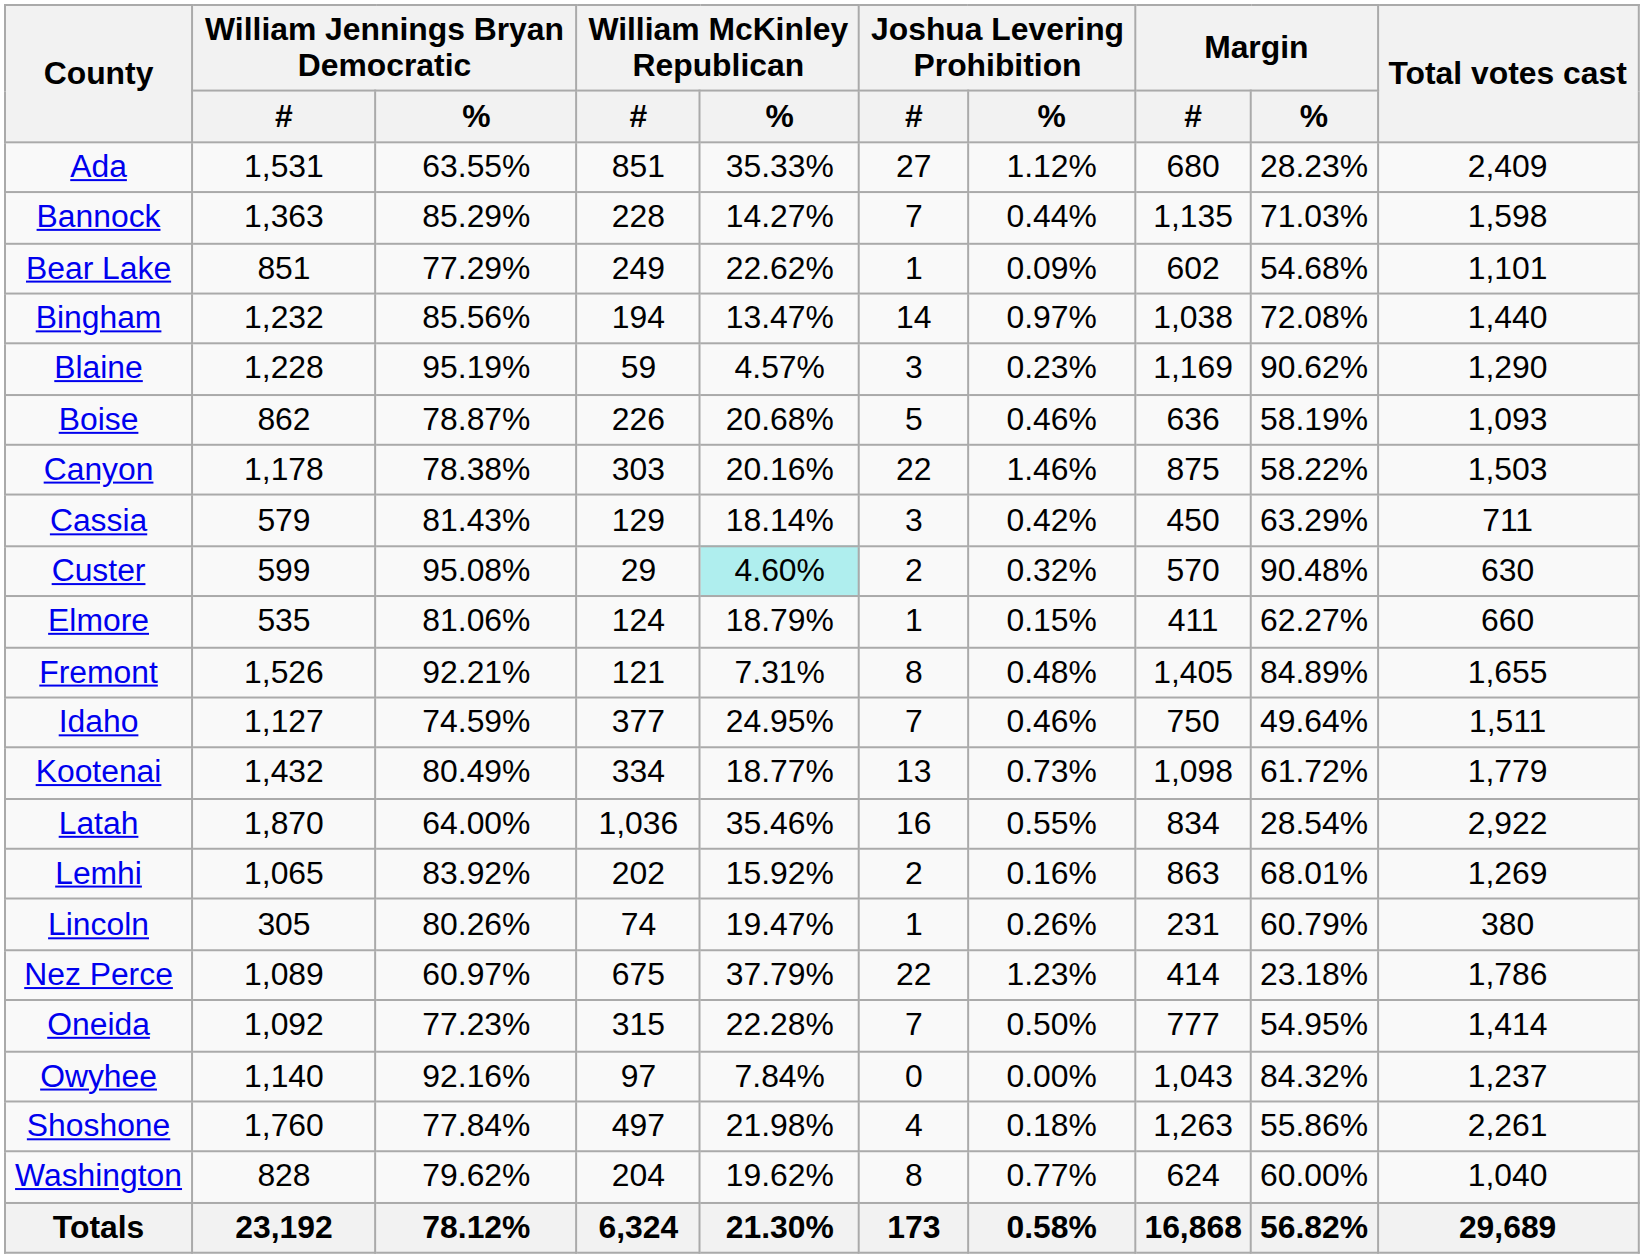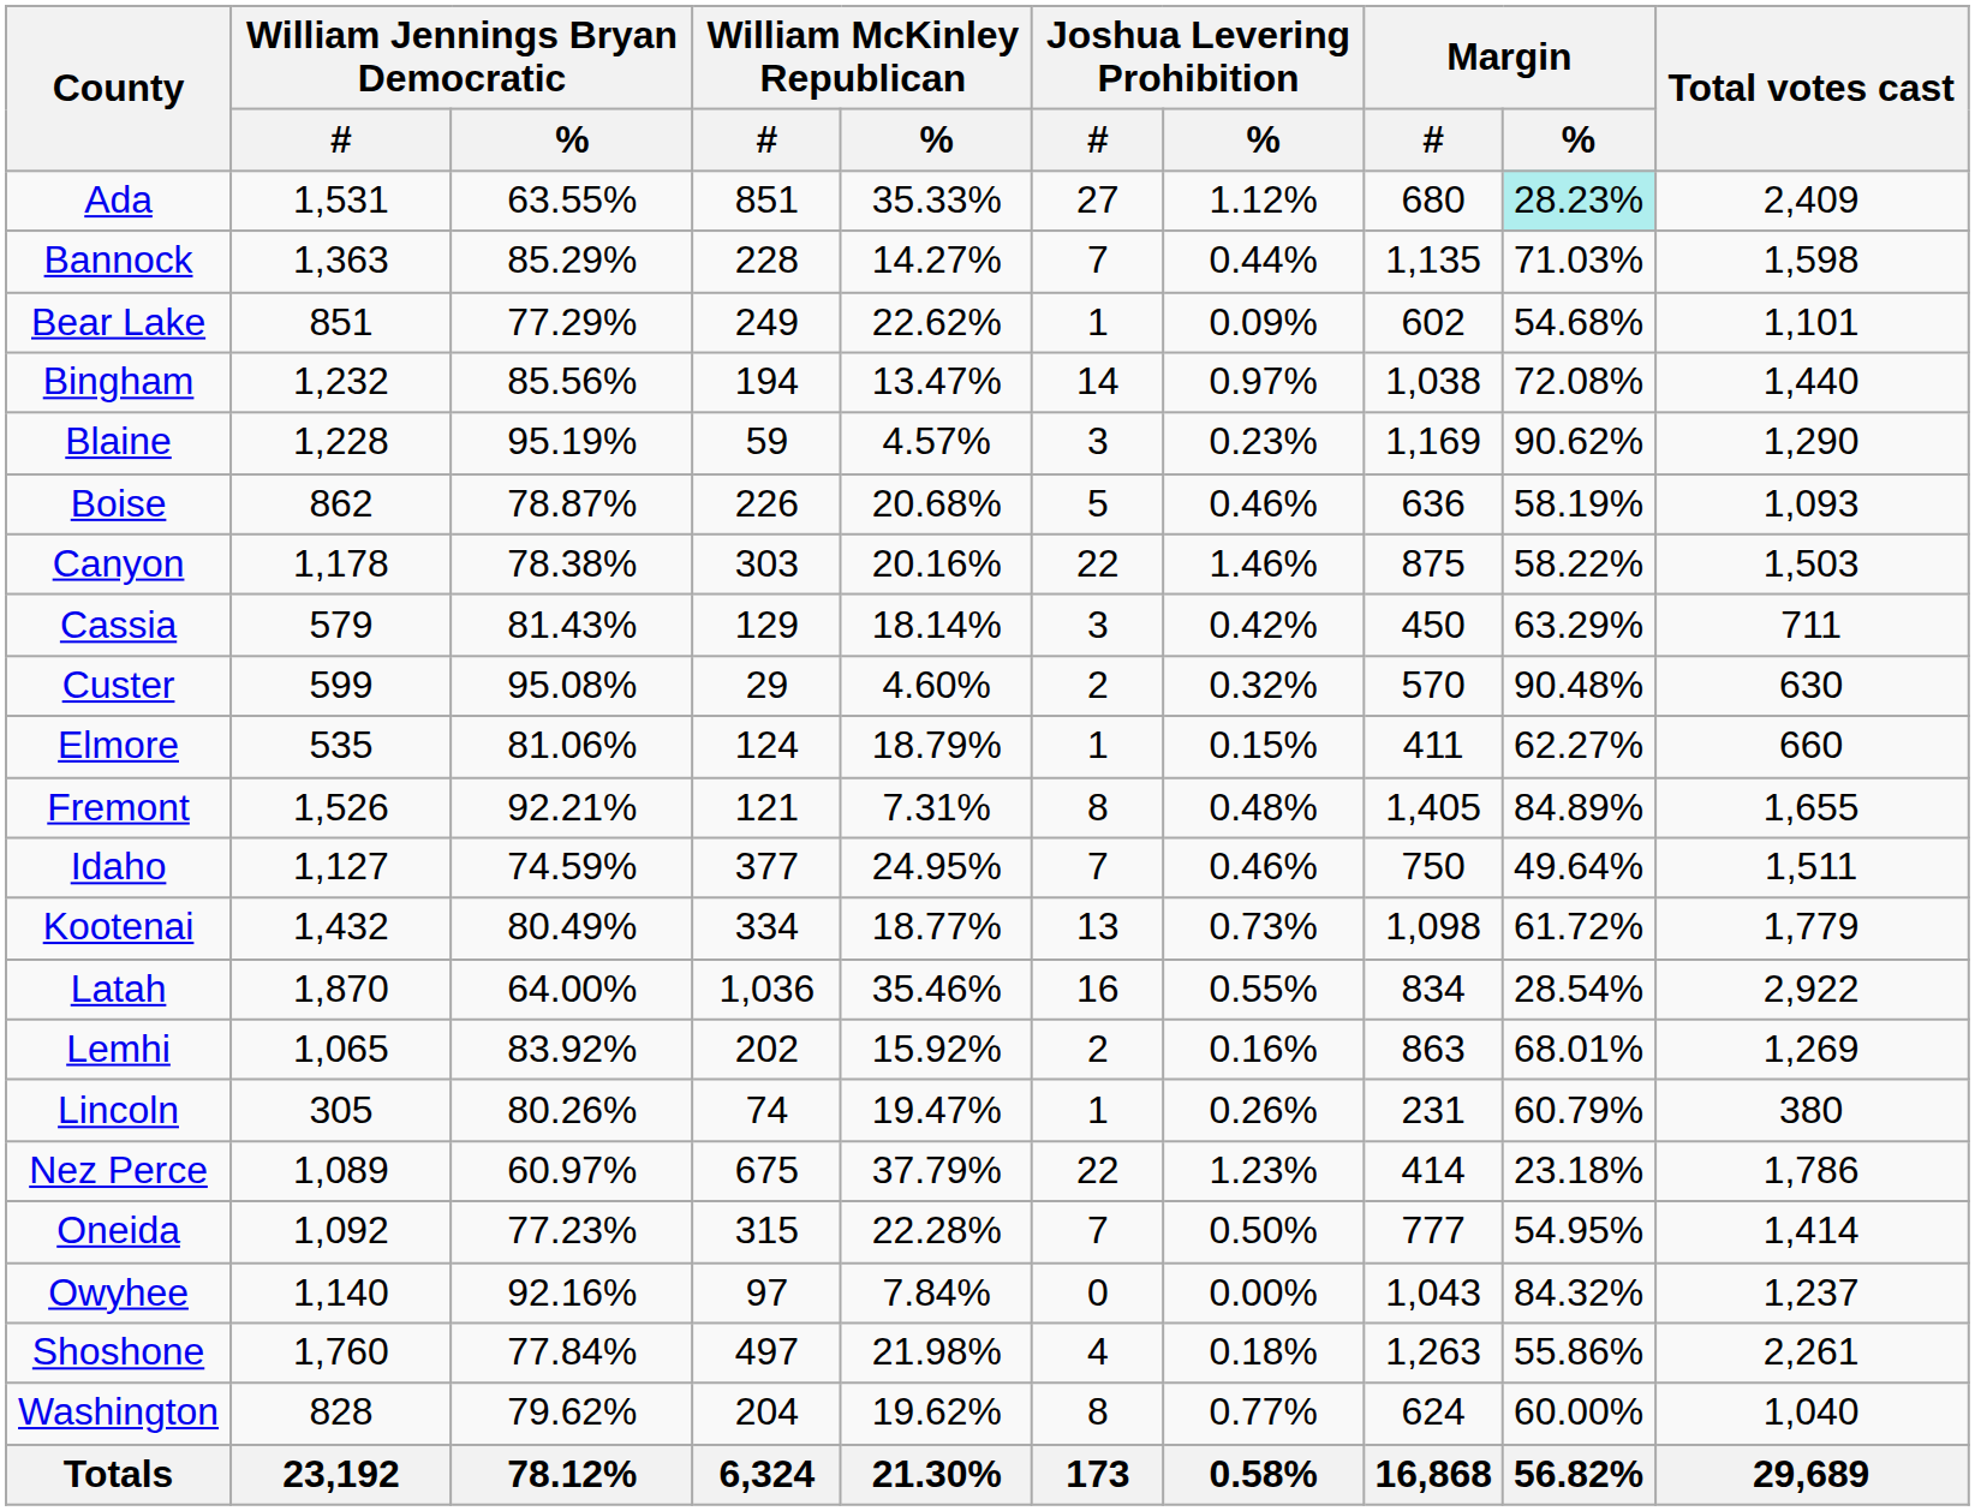 <table width="65%"  class="wikitable sortable" style="text-align:center">
 <tr>
 <th style="text-align:center;" rowspan="2">County</th>
 <th style="text-align:center;" colspan="2">William Jennings Bryan<br>Democratic</th>
 <th style="text-align:center;" colspan="2">William McKinley<br>Republican</th>
 <th style="text-align:center;" colspan="2">Joshua Levering<br>Prohibition</th>
 <th style="text-align:center;" colspan="2">Margin</th>
 <th style="text-align:center;" rowspan="2">Total votes cast</th>
 </tr>
 <tr>
 <th style="text-align:center;" data-sort-type="number">#</th>
 <th style="text-align:center;" data-sort-type="number">%</th>
 <th style="text-align:center;" data-sort-type="number">#</th>
 <th style="text-align:center;" data-sort-type="number">%</th>
 <th style="text-align:center;" data-sort-type="number">#</th>
 <th style="text-align:center;" data-sort-type="number">%</th>
 <th style="text-align:center;" data-sort-type="number">#</th>
 <th style="text-align:center;" data-sort-type="number">%</th>
 </tr>
 <tr style="text-align:center;">
 <td><a href='#'>Ada</a></td>
 <td>1,531</td>
 <td>63.55%</td>
 <td>851</td>
 <td>35.33%</td>
 <td>27</td>
 <td>1.12%</td>
 <td>680</td>
-<td>28.23%</td>
+<td style="background: paleturquoise;">28.23%</td>
 <td>2,409</td>
 </tr>
 <tr style="text-align:center;">
 <td><a href='#'>Bannock</a></td>
 <td>1,363</td>
 <td>85.29%</td>
 <td>228</td>
 <td>14.27%</td>
 <td>7</td>
 <td>0.44%</td>
 <td>1,135</td>
 <td>71.03%</td>
 <td>1,598</td>
 </tr>
 <tr style="text-align:center;">
 <td><a href='#'>Bear Lake</a></td>
 <td>851</td>
 <td>77.29%</td>
 <td>249</td>
 <td>22.62%</td>
 <td>1</td>
 <td>0.09%</td>
 <td>602</td>
 <td>54.68%</td>
 <td>1,101</td>
 </tr>
 <tr style="text-align:center;">
 <td><a href='#'>Bingham</a></td>
 <td>1,232</td>
 <td>85.56%</td>
 <td>194</td>
 <td>13.47%</td>
 <td>14</td>
 <td>0.97%</td>
 <td>1,038</td>
 <td>72.08%</td>
 <td>1,440</td>
 </tr>
 <tr style="text-align:center;">
 <td><a href='#'>Blaine</a></td>
 <td>1,228</td>
 <td>95.19%</td>
 <td>59</td>
 <td>4.57%</td>
 <td>3</td>
 <td>0.23%</td>
 <td>1,169</td>
 <td>90.62%</td>
 <td>1,290</td>
 </tr>
 <tr style="text-align:center;">
 <td><a href='#'>Boise</a></td>
 <td>862</td>
 <td>78.87%</td>
 <td>226</td>
 <td>20.68%</td>
 <td>5</td>
 <td>0.46%</td>
 <td>636</td>
 <td>58.19%</td>
 <td>1,093</td>
 </tr>
 <tr style="text-align:center;">
 <td><a href='#'>Canyon</a></td>
 <td>1,178</td>
 <td>78.38%</td>
 <td>303</td>
 <td>20.16%</td>
 <td>22</td>
 <td>1.46%</td>
 <td>875</td>
 <td>58.22%</td>
 <td>1,503</td>
 </tr>
 <tr style="text-align:center;">
 <td><a href='#'>Cassia</a></td>
 <td>579</td>
 <td>81.43%</td>
 <td>129</td>
 <td>18.14%</td>
 <td>3</td>
 <td>0.42%</td>
 <td>450</td>
 <td>63.29%</td>
 <td>711</td>
 </tr>
 <tr style="text-align:center;">
 <td><a href='#'>Custer</a></td>
 <td>599</td>
 <td>95.08%</td>
 <td>29</td>
-<td style="background: paleturquoise;">4.60%</td>
+<td>4.60%</td>
 <td>2</td>
 <td>0.32%</td>
 <td>570</td>
 <td>90.48%</td>
 <td>630</td>
 </tr>
 <tr style="text-align:center;">
 <td><a href='#'>Elmore</a></td>
 <td>535</td>
 <td>81.06%</td>
 <td>124</td>
 <td>18.79%</td>
 <td>1</td>
 <td>0.15%</td>
 <td>411</td>
 <td>62.27%</td>
 <td>660</td>
 </tr>
 <tr style="text-align:center;">
 <td><a href='#'>Fremont</a></td>
 <td>1,526</td>
 <td>92.21%</td>
 <td>121</td>
 <td>7.31%</td>
 <td>8</td>
 <td>0.48%</td>
 <td>1,405</td>
 <td>84.89%</td>
 <td>1,655</td>
 </tr>
 <tr style="text-align:center;">
 <td><a href='#'>Idaho</a></td>
 <td>1,127</td>
 <td>74.59%</td>
 <td>377</td>
 <td>24.95%</td>
 <td>7</td>
 <td>0.46%</td>
 <td>750</td>
 <td>49.64%</td>
 <td>1,511</td>
 </tr>
 <tr style="text-align:center;">
 <td><a href='#'>Kootenai</a></td>
 <td>1,432</td>
 <td>80.49%</td>
 <td>334</td>
 <td>18.77%</td>
 <td>13</td>
 <td>0.73%</td>
 <td>1,098</td>
 <td>61.72%</td>
 <td>1,779</td>
 </tr>
 <tr style="text-align:center;">
 <td><a href='#'>Latah</a></td>
 <td>1,870</td>
 <td>64.00%</td>
 <td>1,036</td>
 <td>35.46%</td>
 <td>16</td>
 <td>0.55%</td>
 <td>834</td>
 <td>28.54%</td>
 <td>2,922</td>
 </tr>
 <tr style="text-align:center;">
 <td><a href='#'>Lemhi</a></td>
 <td>1,065</td>
 <td>83.92%</td>
 <td>202</td>
 <td>15.92%</td>
 <td>2</td>
 <td>0.16%</td>
 <td>863</td>
 <td>68.01%</td>
 <td>1,269</td>
 </tr>
 <tr style="text-align:center;">
 <td><a href='#'>Lincoln</a></td>
 <td>305</td>
 <td>80.26%</td>
 <td>74</td>
 <td>19.47%</td>
 <td>1</td>
 <td>0.26%</td>
 <td>231</td>
 <td>60.79%</td>
 <td>380</td>
 </tr>
 <tr style="text-align:center;">
 <td><a href='#'>Nez Perce</a></td>
 <td>1,089</td>
 <td>60.97%</td>
 <td>675</td>
 <td>37.79%</td>
 <td>22</td>
 <td>1.23%</td>
 <td>414</td>
 <td>23.18%</td>
 <td>1,786</td>
 </tr>
 <tr style="text-align:center;">
 <td><a href='#'>Oneida</a></td>
 <td>1,092</td>
 <td>77.23%</td>
 <td>315</td>
 <td>22.28%</td>
 <td>7</td>
 <td>0.50%</td>
 <td>777</td>
 <td>54.95%</td>
 <td>1,414</td>
 </tr>
 <tr style="text-align:center;">
 <td><a href='#'>Owyhee</a></td>
 <td>1,140</td>
 <td>92.16%</td>
 <td>97</td>
 <td>7.84%</td>
 <td>0</td>
 <td>0.00%</td>
 <td>1,043</td>
 <td>84.32%</td>
 <td>1,237</td>
 </tr>
 <tr style="text-align:center;">
 <td><a href='#'>Shoshone</a></td>
 <td>1,760</td>
 <td>77.84%</td>
 <td>497</td>
 <td>21.98%</td>
 <td>4</td>
 <td>0.18%</td>
 <td>1,263</td>
 <td>55.86%</td>
 <td>2,261</td>
 </tr>
 <tr style="text-align:center;">
 <td><a href='#'>Washington</a></td>
 <td>828</td>
 <td>79.62%</td>
 <td>204</td>
 <td>19.62%</td>
 <td>8</td>
 <td>0.77%</td>
 <td>624</td>
 <td>60.00%</td>
 <td>1,040</td>
 </tr>
 <tr style="text-align:center;">
 <th>Totals</th>
 <th>23,192</th>
 <th>78.12%</th>
 <th>6,324</th>
 <th>21.30%</th>
 <th>173</th>
 <th>0.58%</th>
 <th>16,868</th>
 <th>56.82%</th>
 <th>29,689</th>
 </tr>
 </table>
